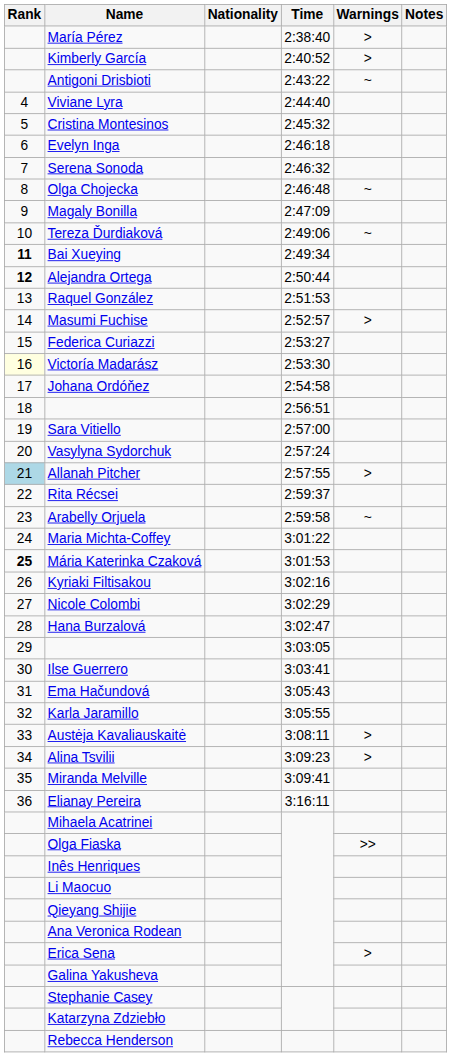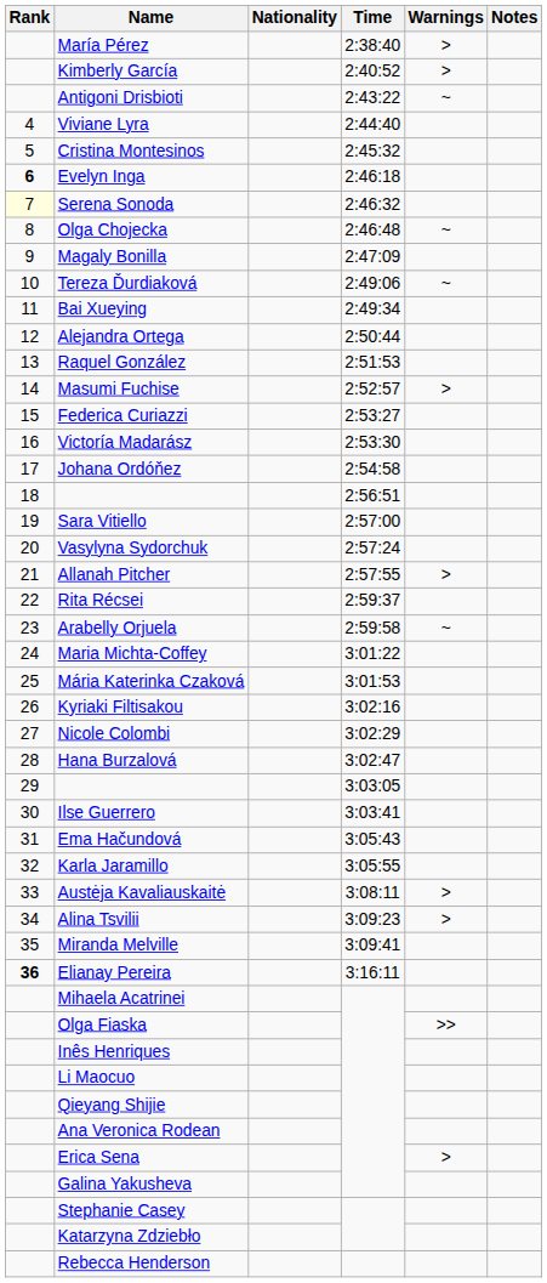 <table class="wikitable sortable" style="text-align:center">
 <tr>
 <th>Rank</th>
 <th>Name</th>
 <th>Nationality</th>
 <th>Time</th>
 <th>Warnings</th>
 <th>Notes</th>
 </tr>
 <tr>
 <td></td>
 <td align=left><a href='#'>María Pérez</a></td>
 <td align=left></td>
 <td>2:38:40</td>
 <td>></td>
 <td></td>
 </tr>
 <tr>
 <td></td>
 <td align=left><a href='#'>Kimberly García</a></td>
 <td align=left></td>
 <td>2:40:52</td>
 <td>></td>
 <td></td>
 </tr>
 <tr>
 <td></td>
 <td align=left><a href='#'>Antigoni Drisbioti</a></td>
 <td align=left></td>
 <td>2:43:22</td>
 <td>~</td>
 <td></td>
 </tr>
 <tr>
 <td>4</td>
 <td align=left><a href='#'>Viviane Lyra</a></td>
 <td align=left></td>
 <td>2:44:40</td>
 <td></td>
 <td></td>
 </tr>
 <tr>
 <td>5</td>
 <td align=left><a href='#'>Cristina Montesinos</a></td>
 <td align=left></td>
 <td>2:45:32</td>
 <td></td>
 <td></td>
 </tr>
 <tr>
-<td>6</td>
+<td><strong>6</strong></td>
 <td align=left><a href='#'>Evelyn Inga</a></td>
 <td align=left></td>
 <td>2:46:18</td>
 <td></td>
 <td></td>
 </tr>
 <tr>
-<td>7</td>
+<td style="background: lightyellow;">7</td>
 <td align=left><a href='#'>Serena Sonoda</a></td>
 <td align=left></td>
 <td>2:46:32</td>
 <td></td>
 <td></td>
 </tr>
 <tr>
 <td>8</td>
 <td align=left><a href='#'>Olga Chojecka</a></td>
 <td align=left></td>
 <td>2:46:48</td>
 <td>~</td>
 <td></td>
 </tr>
 <tr>
 <td>9</td>
 <td align=left><a href='#'>Magaly Bonilla</a></td>
 <td align=left></td>
 <td>2:47:09</td>
 <td></td>
 <td></td>
 </tr>
 <tr>
 <td>10</td>
 <td align=left><a href='#'>Tereza Ďurdiaková</a></td>
 <td align=left></td>
 <td>2:49:06</td>
 <td>~</td>
 <td></td>
 </tr>
 <tr>
-<td><strong>11</strong></td>
+<td>11</td>
 <td align=left><a href='#'>Bai Xueying</a></td>
 <td align=left></td>
 <td>2:49:34</td>
 <td></td>
 <td></td>
 </tr>
 <tr>
-<td><strong>12</strong></td>
+<td>12</td>
 <td align=left><a href='#'>Alejandra Ortega</a></td>
 <td align=left></td>
 <td>2:50:44</td>
 <td></td>
 <td></td>
 </tr>
 <tr>
 <td>13</td>
 <td align=left><a href='#'>Raquel González</a></td>
 <td align=left></td>
 <td>2:51:53</td>
 <td></td>
 <td></td>
 </tr>
 <tr>
 <td>14</td>
 <td align=left><a href='#'>Masumi Fuchise</a></td>
 <td align=left></td>
 <td>2:52:57</td>
 <td>></td>
 <td></td>
 </tr>
 <tr>
 <td>15</td>
 <td align=left><a href='#'>Federica Curiazzi</a></td>
 <td align=left></td>
 <td>2:53:27</td>
 <td></td>
 <td></td>
 </tr>
 <tr>
-<td style="background: lightyellow;">16</td>
+<td>16</td>
 <td align=left><a href='#'>Victoría Madarász</a></td>
 <td align=left></td>
 <td>2:53:30</td>
 <td></td>
 <td><br></td>
 </tr>
 <tr>
 <td>17</td>
 <td align=left><a href='#'>Johana Ordóňez</a></td>
 <td align=left></td>
 <td>2:54:58</td>
 <td></td>
 <td></td>
 </tr>
 <tr>
 <td>18</td>
 <td align=left></td>
 <td align=left></td>
 <td>2:56:51</td>
 <td></td>
 <td><br></td>
 </tr>
 <tr>
 <td>19</td>
 <td align=left><a href='#'>Sara Vitiello</a></td>
 <td align=left></td>
 <td>2:57:00</td>
 <td></td>
 <td></td>
 </tr>
 <tr>
 <td>20</td>
 <td align=left><a href='#'>Vasylyna Sydorchuk</a></td>
 <td align=left></td>
 <td>2:57:24</td>
 <td></td>
 <td></td>
 </tr>
 <tr>
-<td style="background: lightblue;">21</td>
+<td>21</td>
 <td align=left><a href='#'>Allanah Pitcher</a></td>
 <td align=left></td>
 <td>2:57:55</td>
 <td>></td>
 <td></td>
 </tr>
 <tr>
 <td>22</td>
 <td align=left><a href='#'>Rita Récsei</a></td>
 <td align=left></td>
 <td>2:59:37</td>
 <td></td>
 <td></td>
 </tr>
 <tr>
 <td>23</td>
 <td align=left><a href='#'>Arabelly Orjuela</a></td>
 <td align=left></td>
 <td>2:59:58</td>
 <td>~</td>
 <td></td>
 </tr>
 <tr>
 <td>24</td>
 <td align=left><a href='#'>Maria Michta-Coffey</a></td>
 <td align=left></td>
 <td>3:01:22</td>
 <td></td>
 <td></td>
 </tr>
 <tr>
-<td><strong>25</strong></td>
+<td>25</td>
 <td align=left><a href='#'>Mária Katerinka Czaková</a></td>
 <td align=left></td>
 <td>3:01:53</td>
 <td></td>
 <td></td>
 </tr>
 <tr>
 <td>26</td>
 <td align=left><a href='#'>Kyriaki Filtisakou</a></td>
 <td align=left></td>
 <td>3:02:16</td>
 <td></td>
 <td></td>
 </tr>
 <tr>
 <td>27</td>
 <td align=left><a href='#'>Nicole Colombi</a></td>
 <td align=left></td>
 <td>3:02:29</td>
 <td></td>
 <td></td>
 </tr>
 <tr>
 <td>28</td>
 <td align=left><a href='#'>Hana Burzalová</a></td>
 <td align=left></td>
 <td>3:02:47</td>
 <td></td>
 <td></td>
 </tr>
 <tr>
 <td>29</td>
 <td align=left></td>
 <td align=left></td>
 <td>3:03:05</td>
 <td></td>
 <td></td>
 </tr>
 <tr>
 <td>30</td>
 <td align=left><a href='#'>Ilse Guerrero</a></td>
 <td align=left></td>
 <td>3:03:41</td>
 <td></td>
 <td></td>
 </tr>
 <tr>
 <td>31</td>
 <td align=left><a href='#'>Ema Hačundová</a></td>
 <td align=left></td>
 <td>3:05:43</td>
 <td></td>
 <td></td>
 </tr>
 <tr>
 <td>32</td>
 <td align=left><a href='#'>Karla Jaramillo</a></td>
 <td align=left></td>
 <td>3:05:55</td>
 <td></td>
 <td></td>
 </tr>
 <tr>
 <td>33</td>
 <td align=left><a href='#'>Austėja Kavaliauskaitė</a></td>
 <td align=left></td>
 <td>3:08:11</td>
 <td>></td>
 <td></td>
 </tr>
 <tr>
 <td>34</td>
 <td align=left><a href='#'>Alina Tsvilii</a></td>
 <td align=left></td>
 <td>3:09:23</td>
 <td>></td>
 <td></td>
 </tr>
 <tr>
 <td>35</td>
 <td align=left><a href='#'>Miranda Melville</a></td>
 <td align=left></td>
 <td>3:09:41</td>
 <td></td>
 <td></td>
 </tr>
 <tr>
-<td>36</td>
+<td><strong>36</strong></td>
 <td align=left><a href='#'>Elianay Pereira</a></td>
 <td align=left></td>
 <td>3:16:11</td>
 <td></td>
 <td></td>
 </tr>
 <tr>
 <td></td>
 <td align=left><a href='#'>Mihaela Acatrinei</a></td>
 <td align=left></td>
 <td rowspan=8></td>
 <td></td>
 <td></td>
 </tr>
 <tr>
 <td></td>
 <td align=left><a href='#'>Olga Fiaska</a></td>
 <td align=left></td>
 <td>>></td>
 <td></td>
 </tr>
 <tr>
 <td></td>
 <td align=left><a href='#'>Inês Henriques</a></td>
 <td align=left></td>
 <td></td>
 <td></td>
 </tr>
 <tr>
 <td></td>
 <td align=left><a href='#'>Li Maocuo</a></td>
 <td align=left></td>
 <td></td>
 <td></td>
 </tr>
 <tr>
 <td></td>
 <td align=left><a href='#'>Qieyang Shijie</a></td>
 <td align=left></td>
 <td></td>
 <td></td>
 </tr>
 <tr>
 <td></td>
 <td align=left><a href='#'>Ana Veronica Rodean</a></td>
 <td align=left></td>
 <td></td>
 <td></td>
 </tr>
 <tr>
 <td></td>
 <td align=left><a href='#'>Erica Sena</a></td>
 <td align=left></td>
 <td>></td>
 <td></td>
 </tr>
 <tr>
 <td></td>
 <td align=left><a href='#'>Galina Yakusheva</a></td>
 <td align=left></td>
 <td></td>
 <td></td>
 </tr>
 <tr>
 <td></td>
 <td align=left><a href='#'>Stephanie Casey</a></td>
 <td align=left></td>
 <td rowspan=2></td>
 <td></td>
 <td></td>
 </tr>
 <tr>
 <td></td>
 <td align=left><a href='#'>Katarzyna Zdziebło</a></td>
 <td align=left></td>
 <td></td>
 <td></td>
 </tr>
 <tr>
 <td></td>
 <td align=left><a href='#'>Rebecca Henderson</a></td>
 <td align=left></td>
 <td></td>
 <td></td>
 <td></td>
 </tr>
 </table>
